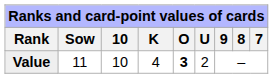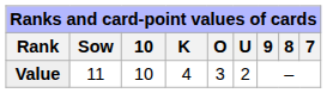 <table class="wikitable" align="right"  style="background-color:white">
 <tr style="background-color:#B3B7FF">
 <td colspan="9"><strong>Ranks and card-point values of cards</strong></td>
 </tr>
 <tr>
 <th>Rank</th>
 <th>Sow</th>
 <th> 10 </th>
 <th> K  </th>
 <th>O</th>
 <th>U</th>
 <th>9</th>
 <th>8</th>
 <th>7</th>
 </tr>
 <tr align="center">
 <td style="background:#efefef;"><strong>Value</strong></td>
 <td>11</td>
 <td>10</td>
 <td>4</td>
-<td><strong>3</strong></td>
+<td>3</td>
 <td>2</td>
 <td colspan=3>–</td>
 </tr>
 </table>
